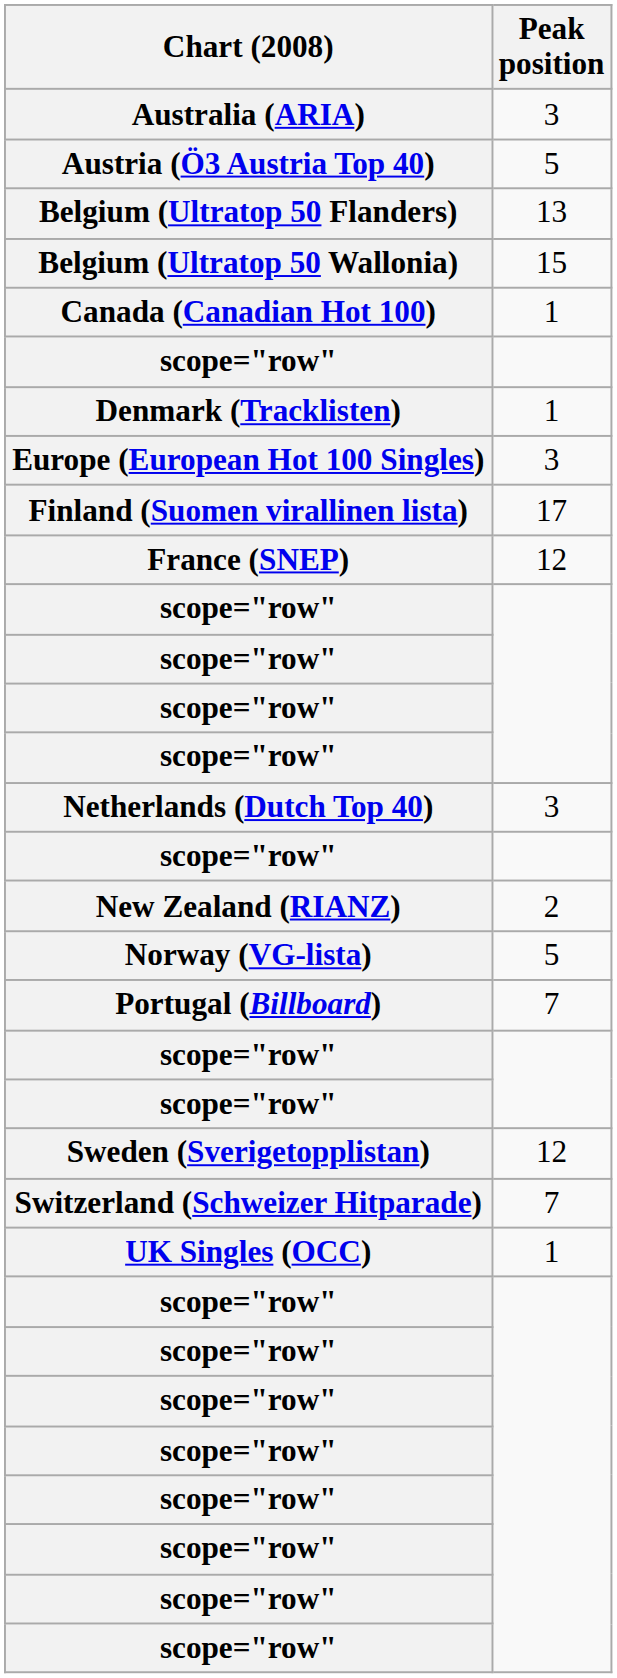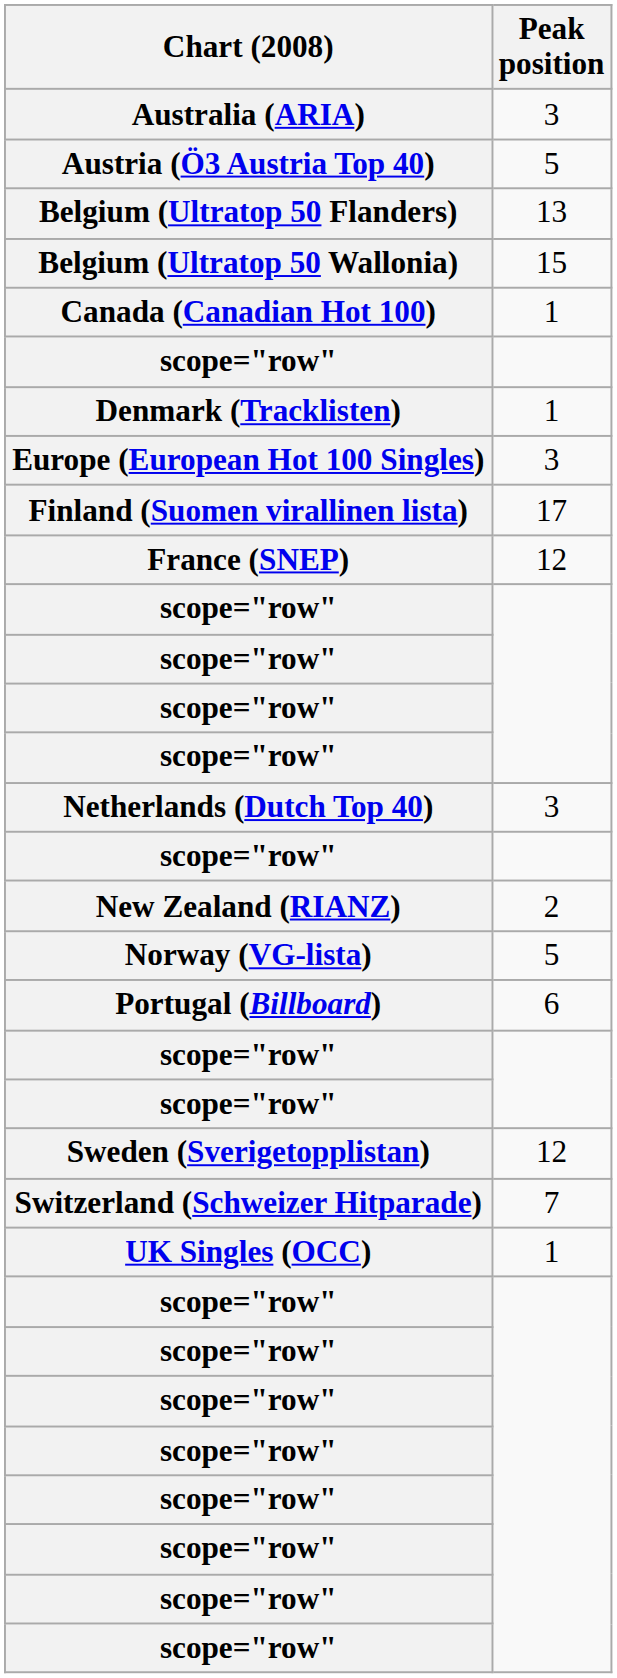 <table class="wikitable sortable plainrowheaders">
 <tr>
 <th scope="col">Chart (2008)</th>
 <th scope="col">Peak<br>position</th>
 </tr>
 <tr>
 <th scope="row">Australia (<a href='#'>ARIA</a>)</th>
 <td align="center">3</td>
 </tr>
 <tr>
 <th scope="row">Austria (<a href='#'>Ö3 Austria Top 40</a>)</th>
 <td align="center">5</td>
 </tr>
 <tr>
 <th scope="row">Belgium (<a href='#'>Ultratop 50</a> Flanders)</th>
 <td align="center">13</td>
 </tr>
 <tr>
 <th scope="row">Belgium (<a href='#'>Ultratop 50</a> Wallonia)</th>
 <td align="center">15</td>
 </tr>
 <tr>
 <th scope="row">Canada (<a href='#'>Canadian Hot 100</a>)</th>
 <td align="center">1</td>
 </tr>
 <tr>
 <th>scope="row" </th>
 </tr>
 <tr>
 <th scope="row">Denmark (<a href='#'>Tracklisten</a>)</th>
 <td align="center">1</td>
 </tr>
 <tr>
 <th scope="row">Europe (<a href='#'>European Hot 100 Singles</a>)</th>
 <td align="center">3</td>
 </tr>
 <tr>
 <th scope="row">Finland (<a href='#'>Suomen virallinen lista</a>)</th>
 <td align="center">17</td>
 </tr>
 <tr>
 <th scope="row">France (<a href='#'>SNEP</a>)</th>
 <td align="center">12</td>
 </tr>
 <tr>
 <th>scope="row" </th>
 </tr>
 <tr>
 <th>scope="row" </th>
 </tr>
 <tr>
 <th>scope="row" </th>
 </tr>
 <tr>
 <th>scope="row" </th>
 </tr>
 <tr>
 <th scope="row">Netherlands (<a href='#'>Dutch Top 40</a>)</th>
 <td align="center">3</td>
 </tr>
 <tr>
 <th>scope="row" </th>
 </tr>
 <tr>
 <th scope="row">New Zealand (<a href='#'>RIANZ</a>)</th>
 <td align="center">2</td>
 </tr>
 <tr>
 <th scope="row">Norway (<a href='#'>VG-lista</a>)</th>
 <td align="center">5</td>
 </tr>
 <tr>
 <th scope="row">Portugal (<em><a href='#'>Billboard</a></em>)</th>
-<td style="text-align:center">7</td>
+<td style="text-align:center">6</td>
 </tr>
 <tr>
 <th>scope="row" </th>
 </tr>
 <tr>
 <th>scope="row" </th>
 </tr>
 <tr>
 <th scope="row">Sweden (<a href='#'>Sverigetopplistan</a>)</th>
 <td align="center">12</td>
 </tr>
 <tr>
 <th scope="row">Switzerland (<a href='#'>Schweizer Hitparade</a>)</th>
 <td align="center">7</td>
 </tr>
 <tr>
 <th scope="row"><a href='#'>UK Singles</a> (<a href='#'>OCC</a>)</th>
 <td align="center">1</td>
 </tr>
 <tr>
 <th>scope="row" </th>
 </tr>
 <tr>
 <th>scope="row" </th>
 </tr>
 <tr>
 <th>scope="row" </th>
 </tr>
 <tr>
 <th>scope="row" </th>
 </tr>
 <tr>
 <th>scope="row" </th>
 </tr>
 <tr>
 <th>scope="row" </th>
 </tr>
 <tr>
 <th>scope="row" </th>
 </tr>
 <tr>
 <th>scope="row" </th>
 </tr>
 </table>
